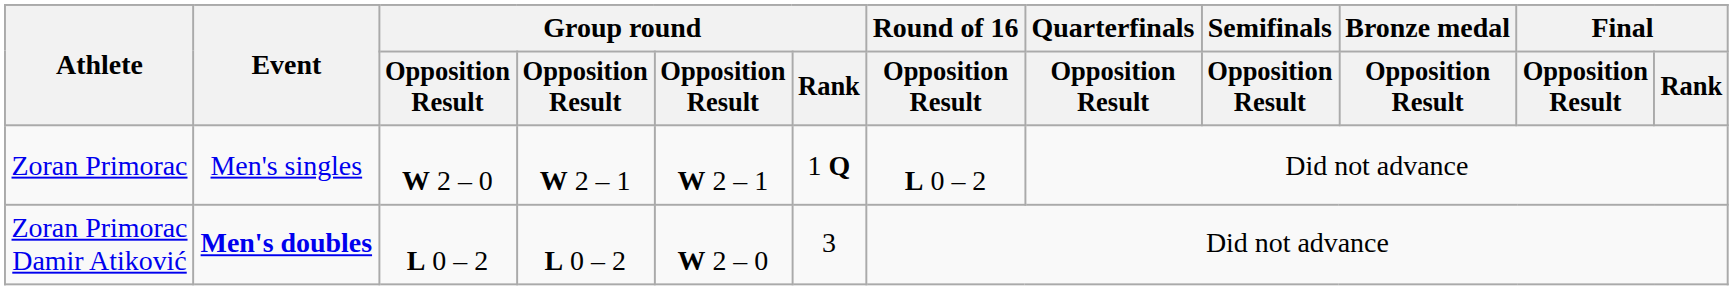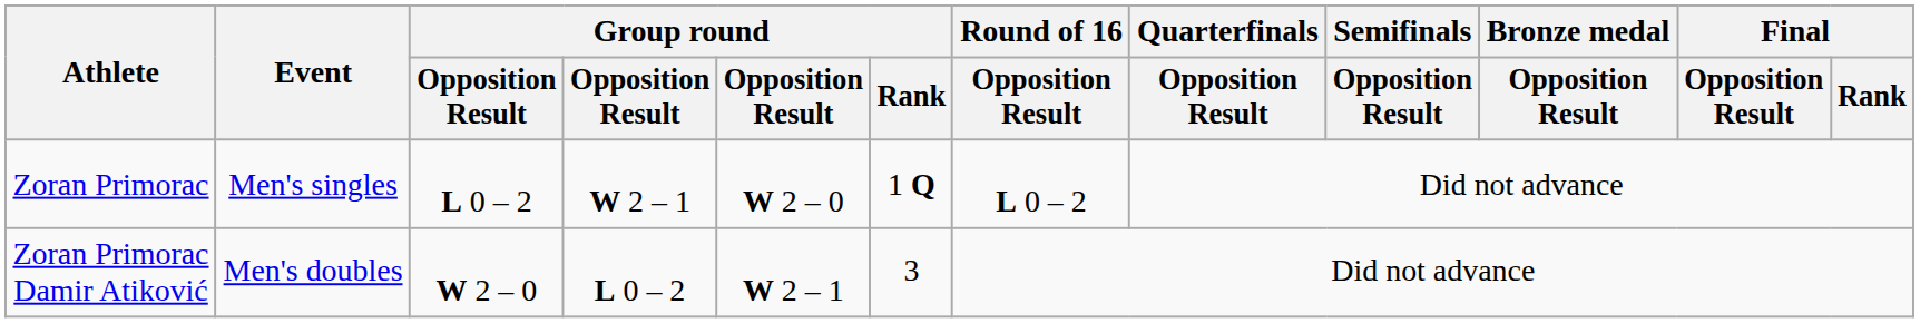 <table class="wikitable" style="font-size:90%;">
 <tr>
 <th rowspan="2">Athlete</th>
 <th rowspan="2">Event</th>
 <th colspan="4">Group round</th>
 <th>Round of 16</th>
 <th>Quarterfinals</th>
 <th>Semifinals</th>
 <th>Bronze medal</th>
 <th colspan=2>Final</th>
 </tr>
 <tr style="font-size:95%">
 <th>Opposition<br>Result</th>
 <th>Opposition<br>Result</th>
 <th>Opposition<br>Result</th>
 <th>Rank</th>
 <th>Opposition<br>Result</th>
 <th>Opposition<br>Result</th>
 <th>Opposition<br>Result</th>
 <th>Opposition<br>Result</th>
 <th>Opposition<br>Result</th>
 <th>Rank</th>
 </tr>
 <tr align=center>
 <td><a href='#'>Zoran Primorac</a></td>
 <td><a href='#'>Men's singles</a></td>
+<td><br><strong>L</strong> 0 – 2</td>
+<td><br><strong>W</strong> 2 – 1</td>
 <td><br><strong>W</strong> 2 – 0</td>
-<td><br><strong>W</strong> 2 – 1</td>
-<td><br><strong>W</strong> 2 – 1</td>
 <td>1 <strong>Q</strong></td>
 <td align=center><br><strong>L</strong> 0 – 2</td>
 <td colspan=5>Did not advance</td>
 </tr>
 <tr align=center>
 <td><a href='#'>Zoran Primorac</a><br><a href='#'>Damir Atiković</a></td>
-<td><strong><a href='#'>Men's doubles</a></strong></td>
+<td><a href='#'>Men's doubles</a></td>
+<td><br><strong>W</strong> 2 – 0</td>
 <td><br><strong>L</strong> 0 – 2</td>
-<td><br><strong>L</strong> 0 – 2</td>
-<td><br><strong>W</strong> 2 – 0</td>
+<td><br><strong>W</strong> 2 – 1</td>
 <td>3</td>
 <td colspan=6>Did not advance</td>
 </tr>
 </table>
